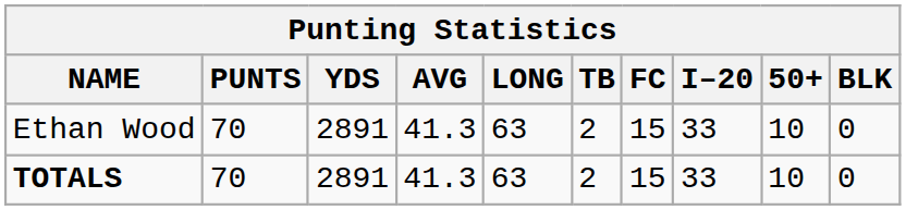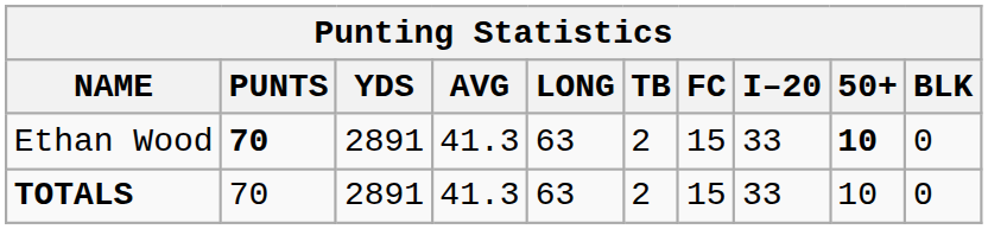 <table class="wikitable sortable collapsible collapsed">
 <tr>
 <th colspan="12">Punting Statistics</th>
 </tr>
 <tr>
 <th>NAME</th>
 <th>PUNTS</th>
 <th>YDS</th>
 <th>AVG</th>
 <th>LONG</th>
 <th>TB</th>
 <th>FC</th>
 <th>I–20</th>
 <th>50+</th>
 <th>BLK</th>
 </tr>
 <tr>
 <td>Ethan Wood</td>
-<td>70</td>
+<td><strong>70</strong></td>
 <td>2891</td>
 <td>41.3</td>
 <td>63</td>
 <td>2</td>
 <td>15</td>
 <td>33</td>
-<td>10</td>
+<td><strong>10</strong></td>
 <td>0</td>
 </tr>
 <tr>
 <td><strong>TOTALS</strong></td>
 <td>70</td>
 <td>2891</td>
 <td>41.3</td>
 <td>63</td>
 <td>2</td>
 <td>15</td>
 <td>33</td>
 <td>10</td>
 <td>0</td>
 </tr>
 </table>
